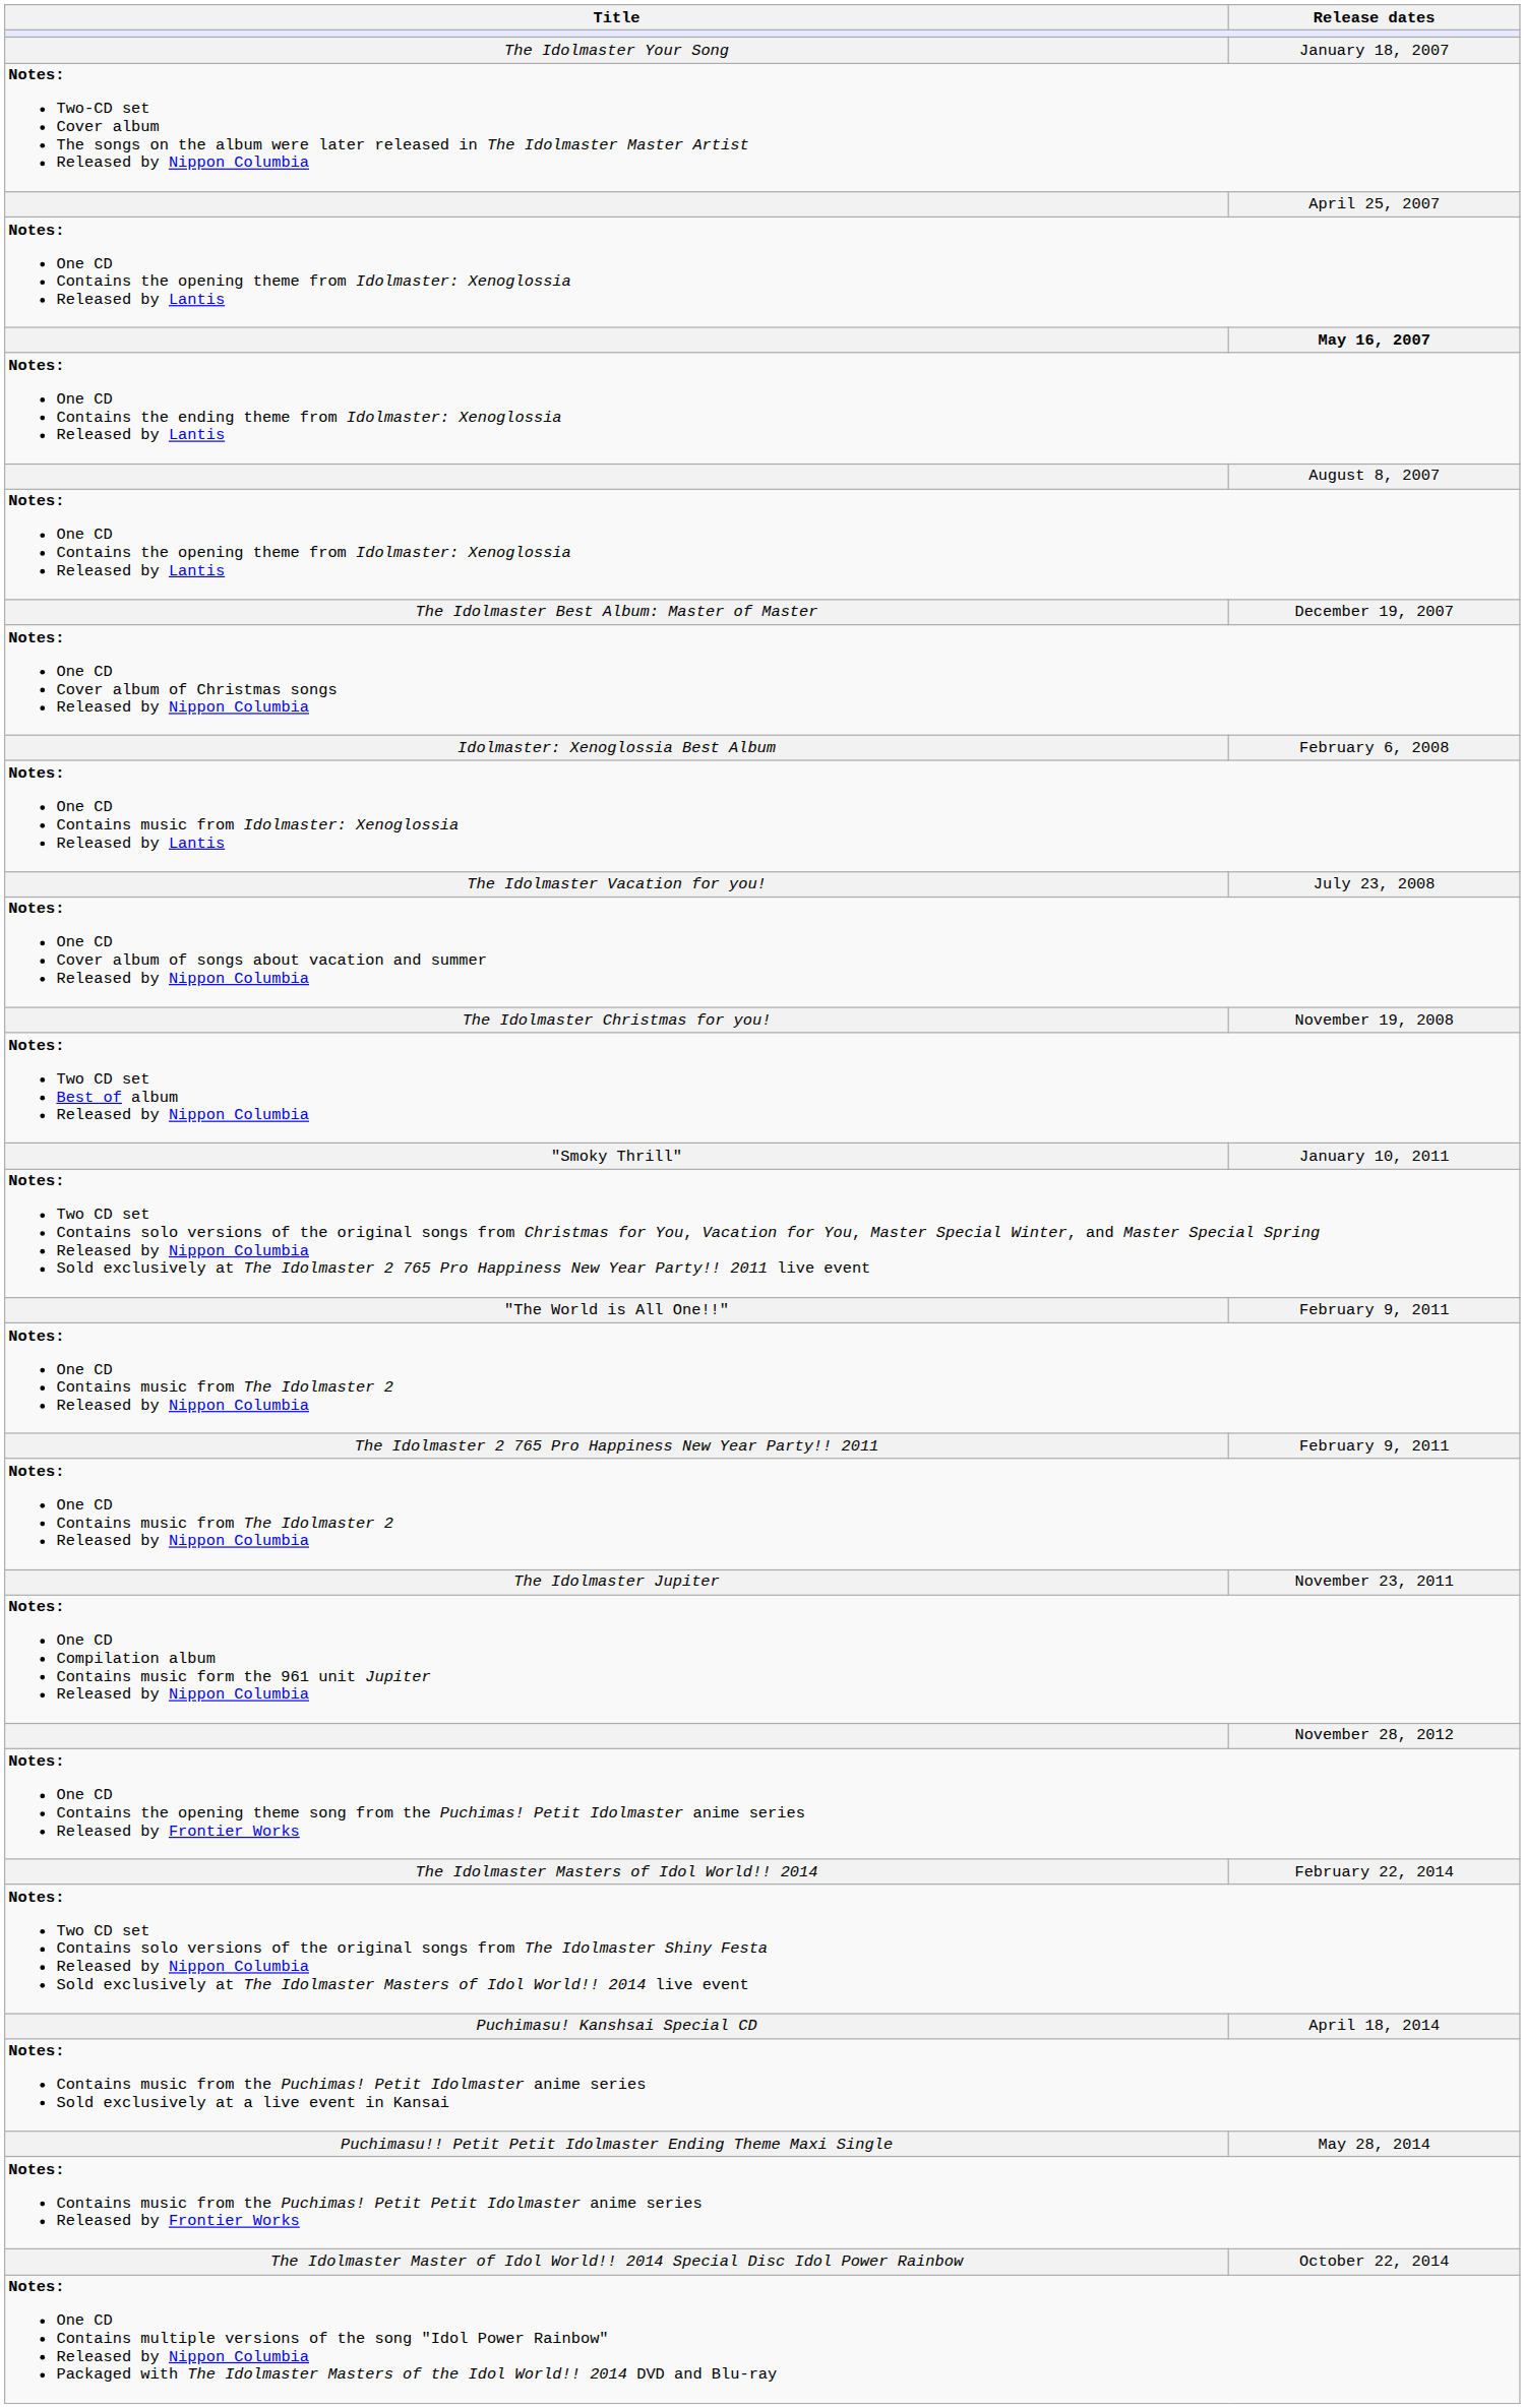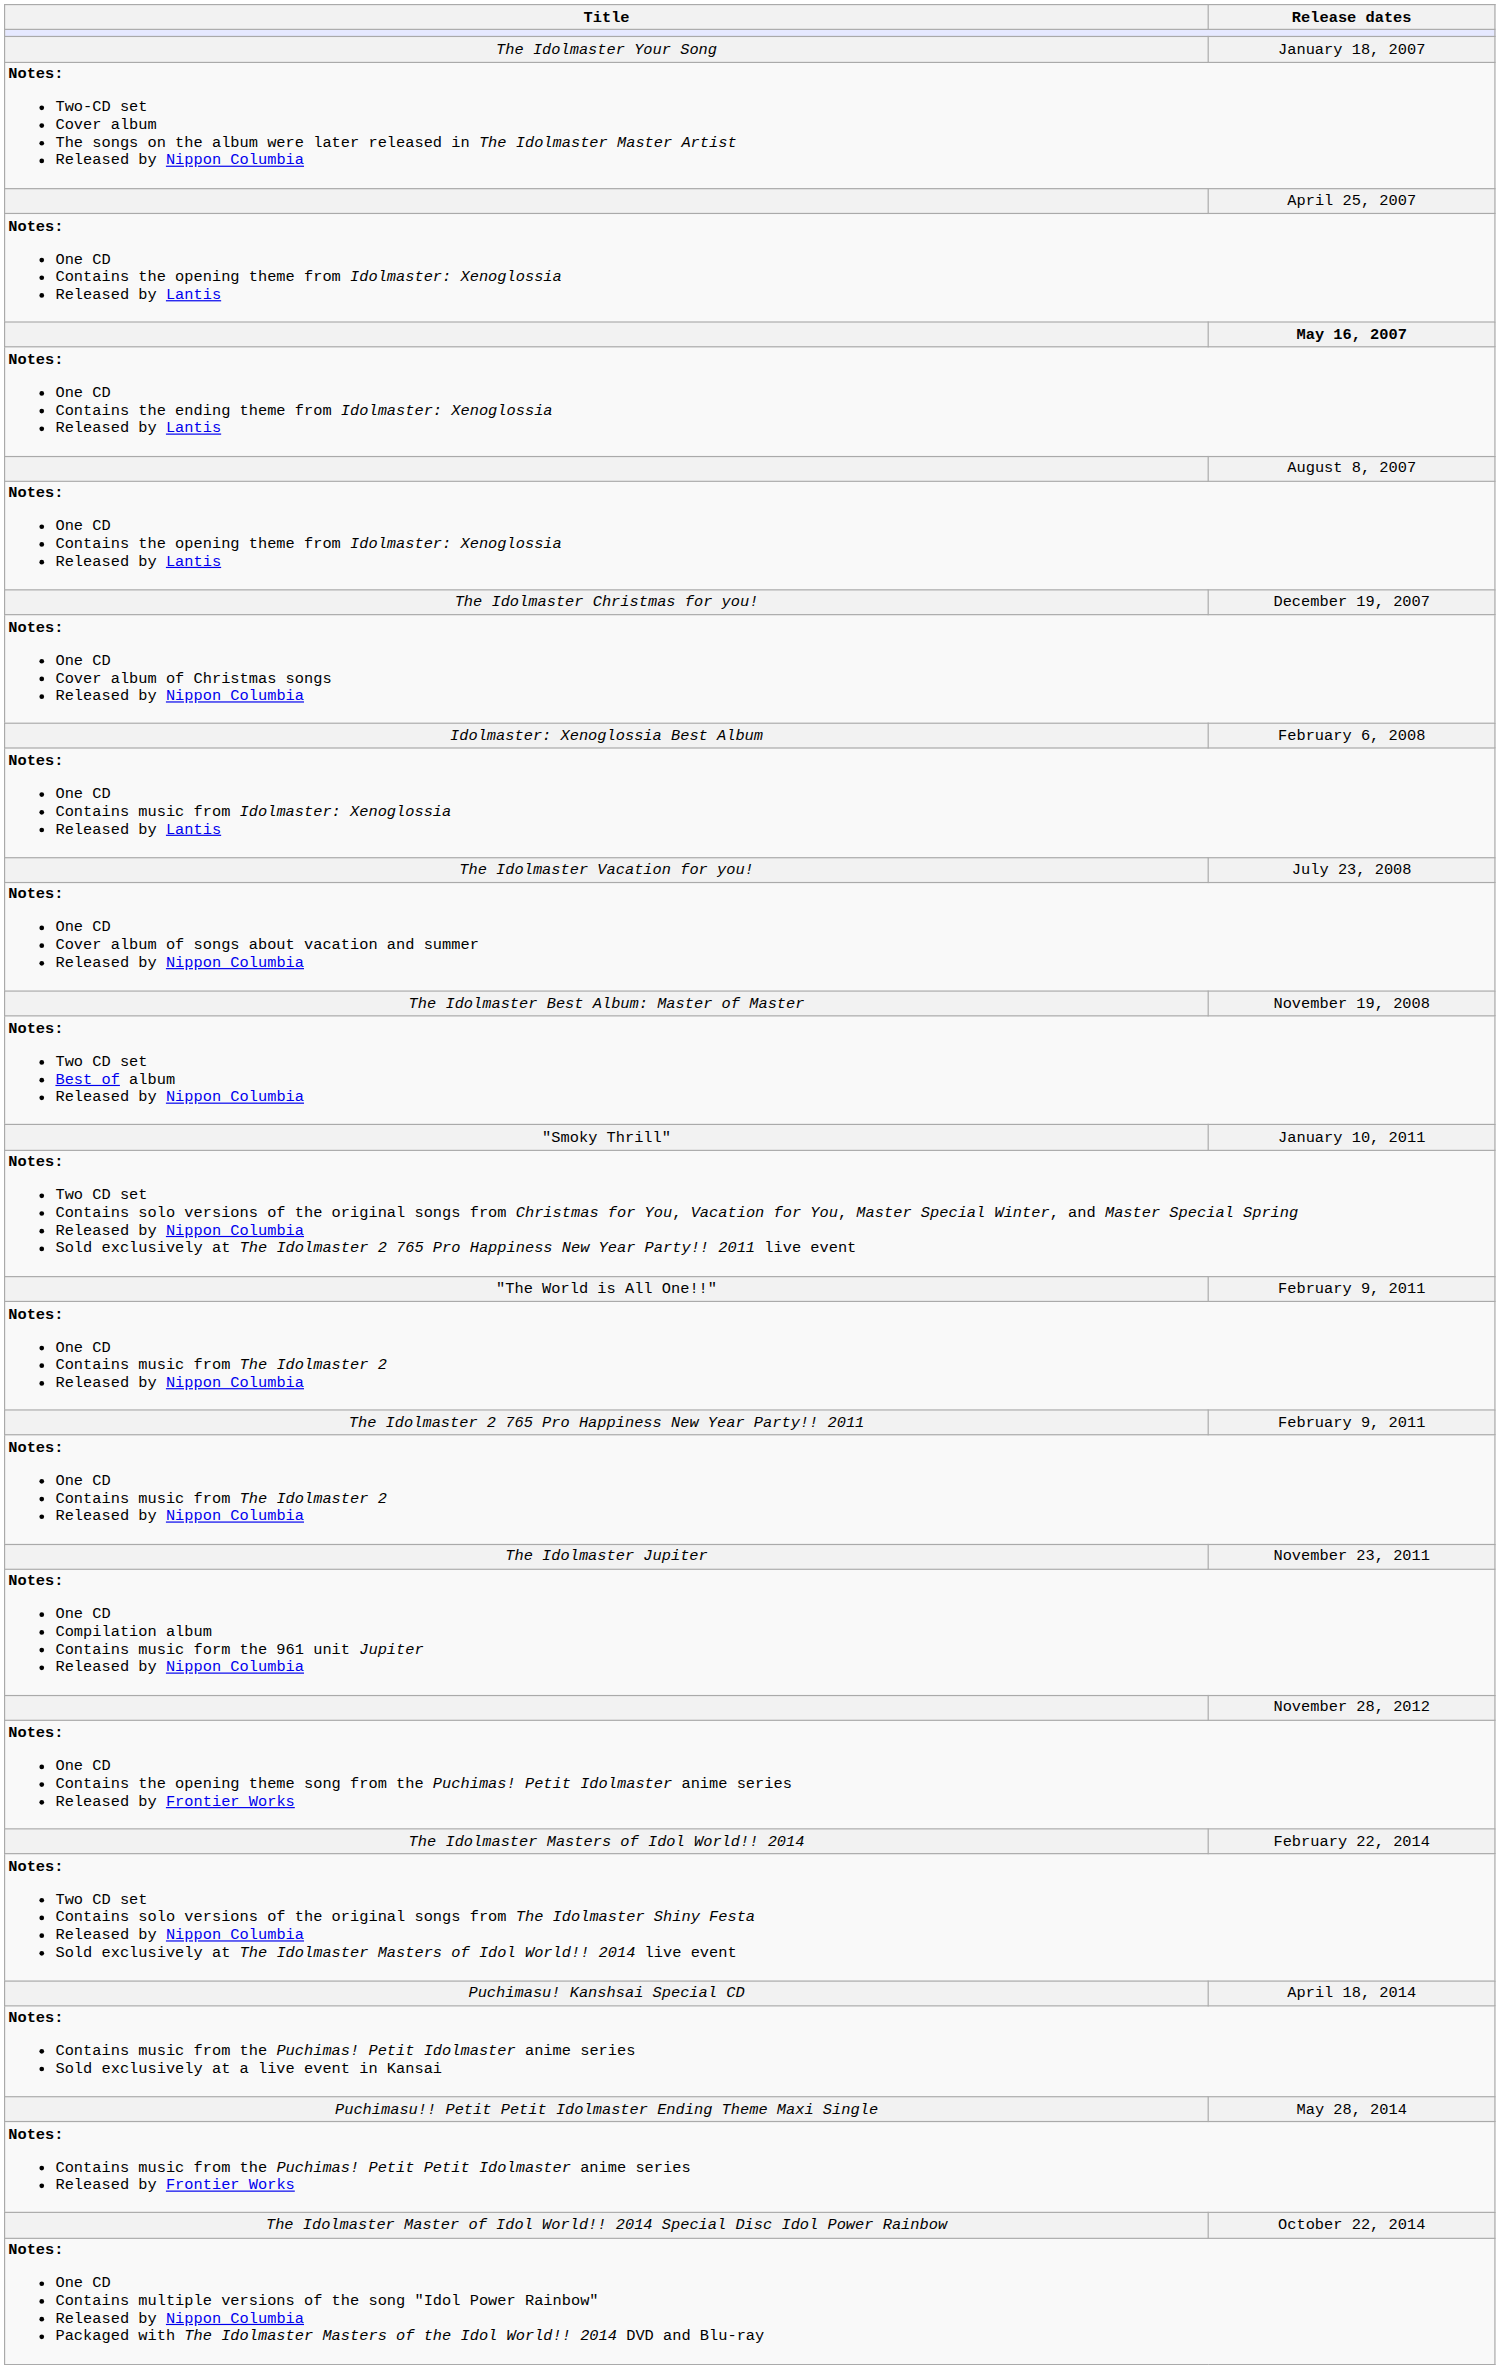 <table class="wikitable" width="100%">
 <tr style="text-align: center;">
 <th>Title</th>
 <th>Release dates</th>
 </tr>
 <tr>
 <td colspan="2" bgcolor="#e6e9ff"></td>
 </tr>
 <tr bgcolor="#F2F2F2" align="center">
 <td><em>The Idolmaster Your Song</em></td>
 <td>January 18, 2007</td>
 </tr>
 <tr>
 <td colspan="2" style="border: none; vertical-align: top;"><strong>Notes:</strong><br><ul><li>Two-CD set</li><li>Cover album</li><li>The songs on the album were later released in <em>The Idolmaster Master Artist</em></li><li>Released by <a href='#'>Nippon Columbia</a></li></ul></td>
 </tr>
 <tr bgcolor="#F2F2F2" align="center">
 <td></td>
 <td>April 25, 2007</td>
 </tr>
 <tr>
 <td colspan="2" style="border: none; vertical-align: top;"><strong>Notes:</strong><br><ul><li>One CD</li><li>Contains the opening theme from <em>Idolmaster: Xenoglossia</em></li><li>Released by <a href='#'>Lantis</a></li></ul></td>
 </tr>
 <tr bgcolor="#F2F2F2" align="center">
 <td></td>
 <td><strong>May 16, 2007</strong></td>
 </tr>
 <tr>
 <td colspan="2" style="border: none; vertical-align: top;"><strong>Notes:</strong><br><ul><li>One CD</li><li>Contains the ending theme from <em>Idolmaster: Xenoglossia</em></li><li>Released by <a href='#'>Lantis</a></li></ul></td>
 </tr>
 <tr bgcolor="#F2F2F2" align="center">
 <td></td>
 <td>August 8, 2007</td>
 </tr>
 <tr>
 <td colspan="2" style="border: none; vertical-align: top;"><strong>Notes:</strong><br><ul><li>One CD</li><li>Contains the opening theme from <em>Idolmaster: Xenoglossia</em></li><li>Released by <a href='#'>Lantis</a></li></ul></td>
 </tr>
 <tr bgcolor="#F2F2F2" align="center">
-<td><em>The Idolmaster Best Album: Master of Master</em></td>
+<td><em>The Idolmaster Christmas for you!</em></td>
 <td>December 19, 2007</td>
 </tr>
 <tr>
 <td colspan="2" style="border: none; vertical-align: top;"><strong>Notes:</strong><br><ul><li>One CD</li><li>Cover album of Christmas songs</li><li>Released by <a href='#'>Nippon Columbia</a></li></ul></td>
 </tr>
 <tr bgcolor="#F2F2F2" align="center">
 <td><em>Idolmaster: Xenoglossia Best Album</em></td>
 <td>February 6, 2008</td>
 </tr>
 <tr>
 <td colspan="2" style="border: none; vertical-align: top;"><strong>Notes:</strong><br><ul><li>One CD</li><li>Contains music from <em>Idolmaster: Xenoglossia</em></li><li>Released by <a href='#'>Lantis</a></li></ul></td>
 </tr>
 <tr bgcolor="#F2F2F2" align="center">
 <td><em>The Idolmaster Vacation for you!</em></td>
 <td>July 23, 2008</td>
 </tr>
 <tr>
 <td colspan="2" style="border: none; vertical-align: top;"><strong>Notes:</strong><br><ul><li>One CD</li><li>Cover album of songs about vacation and summer</li><li>Released by <a href='#'>Nippon Columbia</a></li></ul></td>
 </tr>
 <tr bgcolor="#F2F2F2" align="center">
-<td><em>The Idolmaster Christmas for you!</em></td>
+<td><em>The Idolmaster Best Album: Master of Master</em></td>
 <td>November 19, 2008</td>
 </tr>
 <tr>
 <td colspan="2" style="border: none; vertical-align: top;"><strong>Notes:</strong><br><ul><li>Two CD set</li><li><a href='#'>Best of</a> album</li><li>Released by <a href='#'>Nippon Columbia</a></li></ul></td>
 </tr>
 <tr bgcolor="#F2F2F2" align="center">
 <td>"Smoky Thrill"</td>
 <td>January 10, 2011</td>
 </tr>
 <tr>
 <td colspan="2" style="border: none; vertical-align: top;"><strong>Notes:</strong><br><ul><li>Two CD set</li><li>Contains solo versions of the original songs from <em>Christmas for You</em>, <em>Vacation for You</em>, <em>Master Special Winter</em>, and <em>Master Special Spring</em></li><li>Released by <a href='#'>Nippon Columbia</a></li><li>Sold exclusively at <em>The Idolmaster 2 765 Pro Happiness New Year Party!! 2011</em> live event</li></ul></td>
 </tr>
 <tr bgcolor="#F2F2F2" align="center">
 <td>"The World is All One!!"</td>
 <td>February 9, 2011</td>
 </tr>
 <tr>
 <td colspan="2" style="border: none; vertical-align: top;"><strong>Notes:</strong><br><ul><li>One CD</li><li>Contains music from <em>The Idolmaster 2</em></li><li>Released by <a href='#'>Nippon Columbia</a></li></ul></td>
 </tr>
 <tr bgcolor="#F2F2F2" align="center">
 <td><em>The Idolmaster 2 765 Pro Happiness New Year Party!! 2011</em></td>
 <td>February 9, 2011</td>
 </tr>
 <tr>
 <td colspan="2" style="border: none; vertical-align: top;"><strong>Notes:</strong><br><ul><li>One CD</li><li>Contains music from <em>The Idolmaster 2</em></li><li>Released by <a href='#'>Nippon Columbia</a></li></ul></td>
 </tr>
 <tr bgcolor="#F2F2F2" align="center">
 <td><em>The Idolmaster Jupiter</em></td>
 <td>November 23, 2011</td>
 </tr>
 <tr>
 <td colspan="2" style="border: none; vertical-align: top;"><strong>Notes:</strong><br><ul><li>One CD</li><li>Compilation album</li><li>Contains music form the 961 unit <em>Jupiter</em></li><li>Released by <a href='#'>Nippon Columbia</a></li></ul></td>
 </tr>
 <tr bgcolor="#F2F2F2" align="center">
 <td></td>
 <td>November 28, 2012</td>
 </tr>
 <tr>
 <td colspan="2" style="border: none; vertical-align: top;"><strong>Notes:</strong><br><ul><li>One CD</li><li>Contains the opening theme song from the <em>Puchimas! Petit Idolmaster</em> anime series</li><li>Released by <a href='#'>Frontier Works</a></li></ul></td>
 </tr>
 <tr bgcolor="#F2F2F2" align="center">
 <td><em>The Idolmaster Masters of Idol World!! 2014</em></td>
 <td>February 22, 2014</td>
 </tr>
 <tr>
 <td colspan="2" style="border: none; vertical-align: top;"><strong>Notes:</strong><br><ul><li>Two CD set</li><li>Contains solo versions of the original songs from <em>The Idolmaster Shiny Festa</em></li><li>Released by <a href='#'>Nippon Columbia</a></li><li>Sold exclusively at <em>The Idolmaster Masters of Idol World!! 2014</em> live event</li></ul></td>
 </tr>
 <tr bgcolor="#F2F2F2" align="center">
 <td><em>Puchimasu! Kanshsai Special CD</em></td>
 <td>April 18, 2014</td>
 </tr>
 <tr>
 <td colspan="2" style="border: none; vertical-align: top;"><strong>Notes:</strong><br><ul><li>Contains music from the <em>Puchimas! Petit Idolmaster</em> anime series</li><li>Sold exclusively at a live event in Kansai</li></ul></td>
 </tr>
 <tr bgcolor="#F2F2F2" align="center">
 <td><em>Puchimasu!! Petit Petit Idolmaster Ending Theme Maxi Single</em></td>
 <td>May 28, 2014</td>
 </tr>
 <tr>
 <td colspan="2" style="border: none; vertical-align: top;"><strong>Notes:</strong><br><ul><li>Contains music from the <em>Puchimas! Petit Petit Idolmaster</em> anime series</li><li>Released by <a href='#'>Frontier Works</a></li></ul></td>
 </tr>
 <tr bgcolor="#F2F2F2" align="center">
 <td><em>The Idolmaster Master of Idol World!! 2014 Special Disc Idol Power Rainbow</em></td>
 <td>October 22, 2014</td>
 </tr>
 <tr>
 <td colspan="2" style="border: none; vertical-align: top;"><strong>Notes:</strong><br><ul><li>One CD</li><li>Contains multiple versions of the song "Idol Power Rainbow"</li><li>Released by <a href='#'>Nippon Columbia</a></li><li>Packaged with <em>The Idolmaster Masters of the Idol World!! 2014</em> DVD and Blu-ray</li></ul></td>
 </tr>
 </table>
